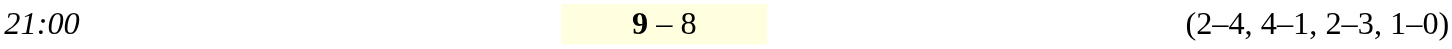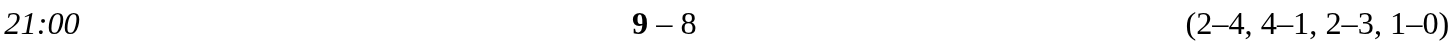 <table style="text-align:center">
 <tr>
 <th width=100></th>
 <th width=200></th>
 <th width=100></th>
 <th width=200></th>
 </tr>
 <tr>
 <td><em>21:00</em></td>
 <td align=right><strong></strong></td>
-<td style="background: lightyellow;"><strong>9</strong> – 8</td>
+<td><strong>9</strong> – 8</td>
 <td align=left></td>
 <td>(2–4, 4–1, 2–3, 1–0)</td>
 </tr>
 </table>
